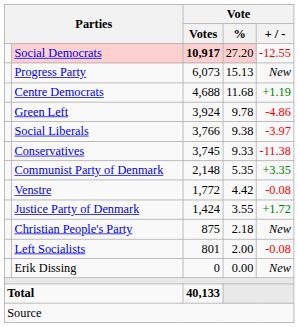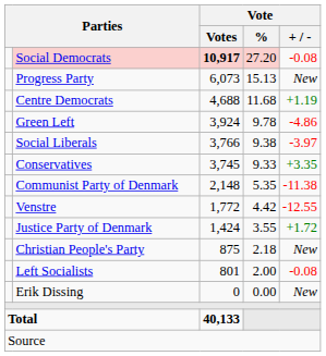 <table class="wikitable" style="text-align:right;">
 <tr>
 <th style="text-align:centre;" rowspan="2" colspan="2" width="225">Parties</th>
 <th colspan="3">Vote</th>
 </tr>
 <tr>
 <th width="15">Votes</th>
 <th width="15">%</th>
 <th width="15">+ / -</th>
 </tr>
 <tr>
 <td width="2" style="color:inherit;background:"></td>
 <td bgcolor=#fbd0ce  align="left"><a href='#'>Social Democrats</a></td>
 <td bgcolor=#fbd0ce><strong>10,917</strong></td>
 <td bgcolor=#fbd0ce>27.20</td>
-<td style=color:red;>-12.55</td>
+<td style=color:red;>-0.08</td>
 </tr>
 <tr>
 <td width="2" style="color:inherit;background:"></td>
 <td align="left"><a href='#'>Progress Party</a></td>
 <td>6,073</td>
 <td>15.13</td>
 <td><em>New</em></td>
 </tr>
 <tr>
 <td width="2" style="color:inherit;background:"></td>
 <td align="left"><a href='#'>Centre Democrats</a></td>
 <td>4,688</td>
 <td>11.68</td>
 <td style=color:green;>+1.19</td>
 </tr>
 <tr>
 <td width="2" style="color:inherit;background:"></td>
 <td align="left"><a href='#'>Green Left</a></td>
 <td>3,924</td>
 <td>9.78</td>
 <td style=color:red;>-4.86</td>
 </tr>
 <tr>
 <td width="2" style="color:inherit;background:"></td>
 <td align="left"><a href='#'>Social Liberals</a></td>
 <td>3,766</td>
 <td>9.38</td>
 <td style=color:red;>-3.97</td>
 </tr>
 <tr>
 <td width="2" style="color:inherit;background:"></td>
 <td align="left"><a href='#'>Conservatives</a></td>
 <td>3,745</td>
 <td>9.33</td>
-<td style=color:red;>-11.38</td>
+<td style=color:green;>+3.35</td>
 </tr>
 <tr>
 <td width="2" style="color:inherit;background:"></td>
 <td align="left"><a href='#'>Communist Party of Denmark</a></td>
 <td>2,148</td>
 <td>5.35</td>
-<td style=color:green;>+3.35</td>
+<td style=color:red;>-11.38</td>
 </tr>
 <tr>
 <td width="2" style="color:inherit;background:"></td>
 <td align="left"><a href='#'>Venstre</a></td>
 <td>1,772</td>
 <td>4.42</td>
-<td style=color:red;>-0.08</td>
+<td style=color:red;>-12.55</td>
 </tr>
 <tr>
 <td width="2" style="color:inherit;background:"></td>
 <td align="left"><a href='#'>Justice Party of Denmark</a></td>
 <td>1,424</td>
 <td>3.55</td>
 <td style=color:green;>+1.72</td>
 </tr>
 <tr>
 <td width="2" style="color:inherit;background:"></td>
 <td align="left"><a href='#'>Christian People's Party</a></td>
 <td>875</td>
 <td>2.18</td>
 <td><em>New</em></td>
 </tr>
 <tr>
 <td width="2" style="color:inherit;background:"></td>
 <td align="left"><a href='#'>Left Socialists</a></td>
 <td>801</td>
 <td>2.00</td>
 <td style=color:red;>-0.08</td>
 </tr>
 <tr>
 <td width="2" style="color:inherit;background:"></td>
 <td align="left">Erik Dissing</td>
 <td>0</td>
 <td>0.00</td>
 <td><em>New</em></td>
 </tr>
 <tr>
 <td colspan="7" bgcolor="#E9E9E9"></td>
 </tr>
 <tr>
 <td align="left" colspan="2"><strong>Total</strong></td>
 <td><strong>40,133</strong></td>
 <td bgcolor="#E9E9E9" colspan="2"></td>
 </tr>
 <tr>
 <td align="left" colspan="6">Source</td>
 </tr>
 </table>
